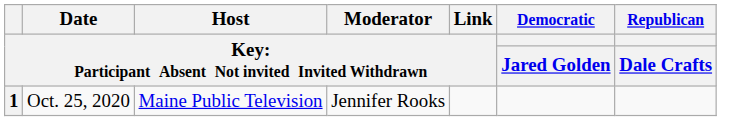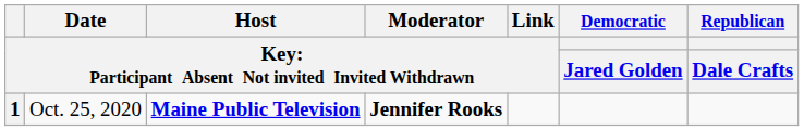 <table class="wikitable" style="text-align:center;">
 <tr>
 <th scope="col"></th>
 <th scope="col">Date</th>
 <th scope="col">Host</th>
 <th scope="col">Moderator</th>
 <th scope="col">Link</th>
 <th scope="col"><small><a href='#'>Democratic</a></small></th>
 <th scope="col"><small><a href='#'>Republican</a></small></th>
 </tr>
 <tr>
 <th colspan="5" rowspan="2">Key:<br> <small>Participant </small>  <small>Absent </small>  <small>Not invited </small>  <small>Invited  Withdrawn</small></th>
 <th scope="col" style="background:"></th>
 <th scope="col" style="background:"></th>
 </tr>
 <tr>
 <th scope="col"><a href='#'>Jared Golden</a></th>
 <th scope="col"><a href='#'>Dale Crafts</a></th>
 </tr>
 <tr>
 <th>1</th>
 <td style="white-space:nowrap;">Oct. 25, 2020</td>
-<td style="white-space:nowrap;"><a href='#'>Maine Public Television</a></td>
-<td style="white-space:nowrap;">Jennifer Rooks</td>
+<td style="white-space:nowrap;"><strong><a href='#'>Maine Public Television</a></strong></td>
+<td style="white-space:nowrap;"><strong>Jennifer Rooks</strong></td>
 <td style="white-space:nowrap;"></td>
 <td></td>
 <td></td>
 </tr>
 </table>
